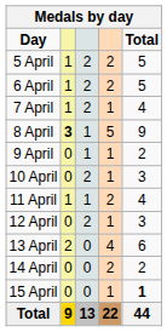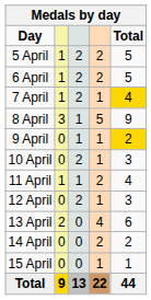 <table class="wikitable" style="font-size:85%;float:right;text-align:center">
 <tr>
 <th colspan=5>Medals by day</th>
 </tr>
 <tr align=center>
 <td><strong>Day</strong></td>
 <td style="background:#f7f6a8;"></td>
 <td style="background:#dce5e5;"></td>
 <td style="background:#ffdab9;"></td>
 <td><strong>Total</strong></td>
 </tr>
 <tr align=centre>
 <td>5 April</td>
 <td style="background:#f7f6a8;">1</td>
 <td style="background:#dce5e5;">2</td>
 <td style="background:#ffdab9;">2</td>
 <td>5</td>
 </tr>
 <tr align=center>
 <td>6 April</td>
 <td style="background:#f7f6a8;">1</td>
 <td style="background:#dce5e5;">2</td>
 <td style="background:#ffdab9;">2</td>
 <td>5</td>
 </tr>
 <tr align=center>
 <td>7 April</td>
 <td style="background:#f7f6a8;">1</td>
 <td style="background:#dce5e5;">2</td>
 <td style="background:#ffdab9;">1</td>
-<td>4</td>
+<td style="background: gold;">4</td>
 </tr>
 <tr align=center>
 <td>8 April</td>
-<td style="background:#f7f6a8;"><strong>3</strong></td>
+<td style="background:#f7f6a8;">3</td>
 <td style="background:#dce5e5;">1</td>
 <td style="background:#ffdab9;">5</td>
 <td>9</td>
 </tr>
 <tr align=center>
 <td>9 April</td>
 <td style="background:#f7f6a8;">0</td>
 <td style="background:#dce5e5;">1</td>
 <td style="background:#ffdab9;">1</td>
-<td>2</td>
+<td style="background: gold;">2</td>
 </tr>
 <tr align=center>
 <td>10 April</td>
 <td style="background:#f7f6a8;">0</td>
 <td style="background:#dce5e5;">2</td>
 <td style="background:#ffdab9;">1</td>
 <td>3</td>
 </tr>
 <tr align=center>
 <td>11 April</td>
 <td style="background:#f7f6a8;">1</td>
 <td style="background:#dce5e5;">1</td>
 <td style="background:#ffdab9;">2</td>
 <td>4</td>
 </tr>
 <tr align=center>
 <td>12 April</td>
 <td style="background:#f7f6a8;">0</td>
 <td style="background:#dce5e5;">2</td>
 <td style="background:#ffdab9;">1</td>
 <td>3</td>
 </tr>
 <tr align=center>
 <td>13 April</td>
 <td style="background:#f7f6a8;">2</td>
 <td style="background:#dce5e5;">0</td>
 <td style="background:#ffdab9;">4</td>
 <td>6</td>
 </tr>
 <tr align=center>
 <td>14 April</td>
 <td style="background:#f7f6a8;">0</td>
 <td style="background:#dce5e5;">0</td>
 <td style="background:#ffdab9;">2</td>
 <td>2</td>
 </tr>
 <tr align=center>
 <td>15 April</td>
 <td style="background:#f7f6a8;">0</td>
 <td style="background:#dce5e5;">0</td>
 <td style="background:#ffdab9;">1</td>
-<td><strong>1</strong></td>
+<td>1</td>
 </tr>
 <tr align=center>
 <th style="background:#efefef;">Total</th>
 <th style="background:gold;">9</th>
 <th style="background:silver;">13</th>
 <th style="background:#c96;">22</th>
 <th>44</th>
 </tr>
 </table>
